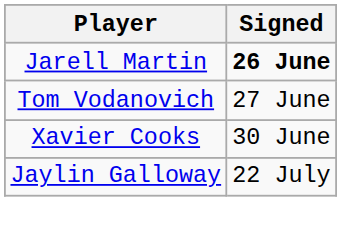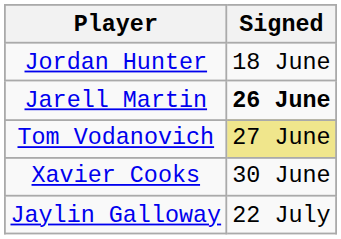 <table class="wikitable sortable sortable" style="text-align: center">
 <tr>
 <th>Player</th>
 <th>Signed</th>
+</tr>
+<tr>
+<td><a href='#'>Jordan Hunter</a></td>
+<td>18 June</td>
 </tr>
 <tr>
 <td><a href='#'>Jarell Martin</a></td>
 <td><strong>26 June</strong></td>
 </tr>
 <tr>
 <td><a href='#'>Tom Vodanovich</a></td>
-<td>27 June</td>
+<td style="background: khaki;">27 June</td>
 </tr>
 <tr>
 <td><a href='#'>Xavier Cooks</a></td>
 <td>30 June</td>
 </tr>
 <tr>
 <td><a href='#'>Jaylin Galloway</a></td>
 <td>22 July</td>
 </tr>
 </table>
